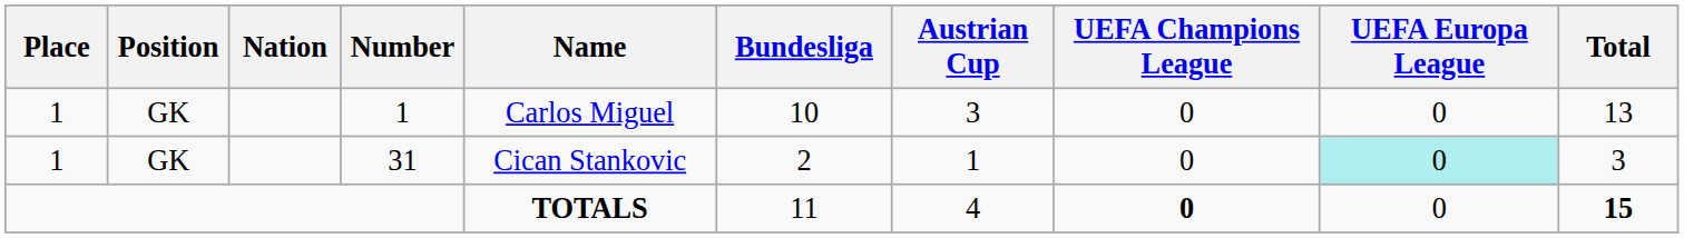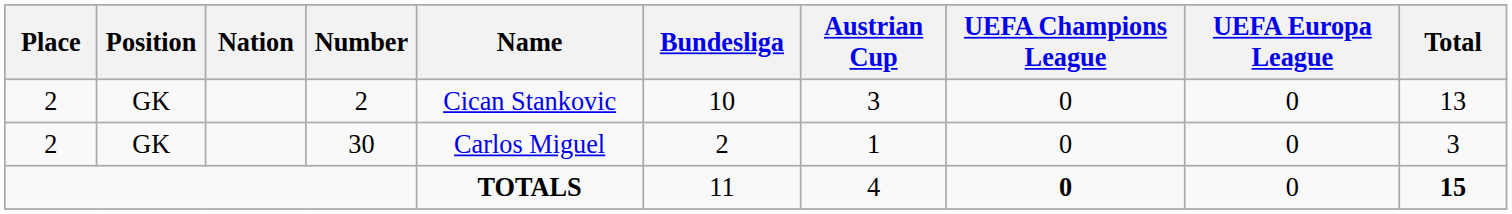 <table class="wikitable" style="font-size: 95%; text-align: center;">
 <tr>
 <th width=60>Place</th>
 <th width=60>Position</th>
 <th width=60>Nation</th>
 <th width=60>Number</th>
 <th width=200>Name</th>
 <th width=100><a href='#'>Bundesliga</a></th>
 <th width=100><a href='#'>Austrian Cup</a></th>
 <th width=200><a href='#'>UEFA Champions League</a></th>
 <th width=200><a href='#'>UEFA Europa League</a></th>
 <th width=80>Total</th>
 </tr>
 <tr>
-<td>1</td>
+<td>2</td>
 <td>GK</td>
 <td></td>
-<td>1</td>
-<td><a href='#'>Carlos Miguel</a></td>
+<td>2</td>
+<td><a href='#'>Cican Stankovic</a></td>
 <td>10</td>
 <td>3</td>
 <td>0</td>
 <td>0</td>
 <td>13</td>
 </tr>
 <tr>
-<td>1</td>
+<td>2</td>
 <td>GK</td>
 <td></td>
-<td>31</td>
-<td><a href='#'>Cican Stankovic</a></td>
+<td>30</td>
+<td><a href='#'>Carlos Miguel</a></td>
 <td>2</td>
 <td>1</td>
 <td>0</td>
-<td style="background: paleturquoise;">0</td>
+<td>0</td>
 <td>3</td>
 </tr>
 <tr>
 <td colspan="4"></td>
 <td><strong>TOTALS</strong></td>
 <td>11</td>
 <td>4</td>
 <td><strong>0</strong></td>
 <td>0</td>
 <td><strong>15</strong></td>
 </tr>
 </table>
